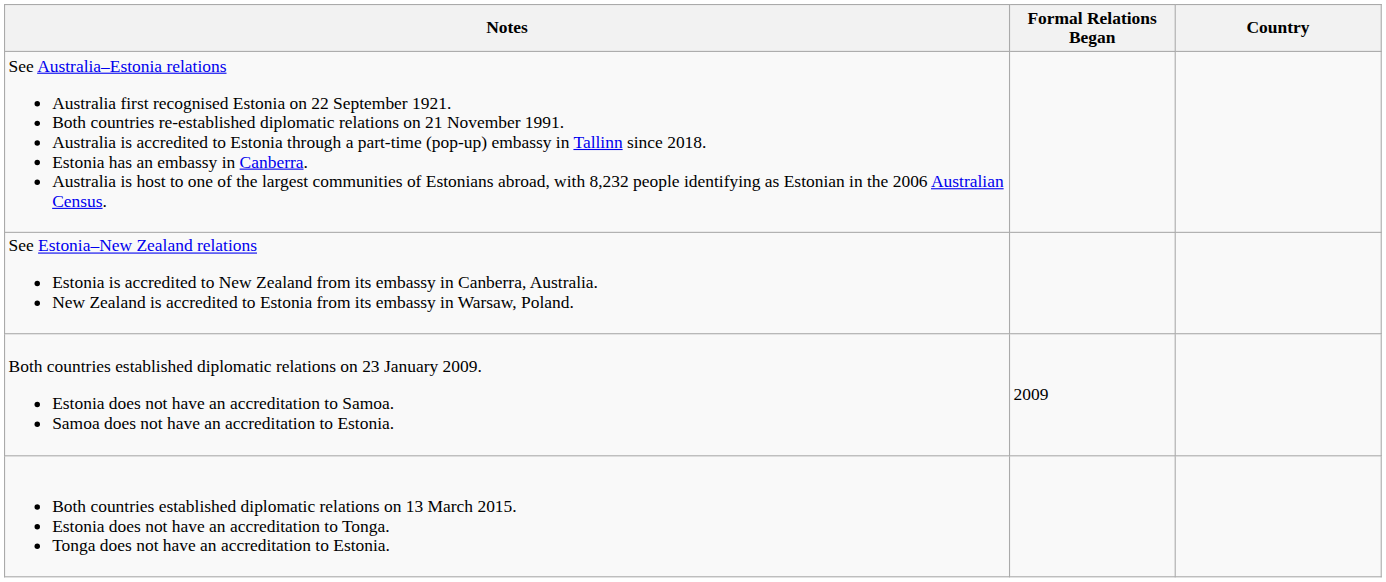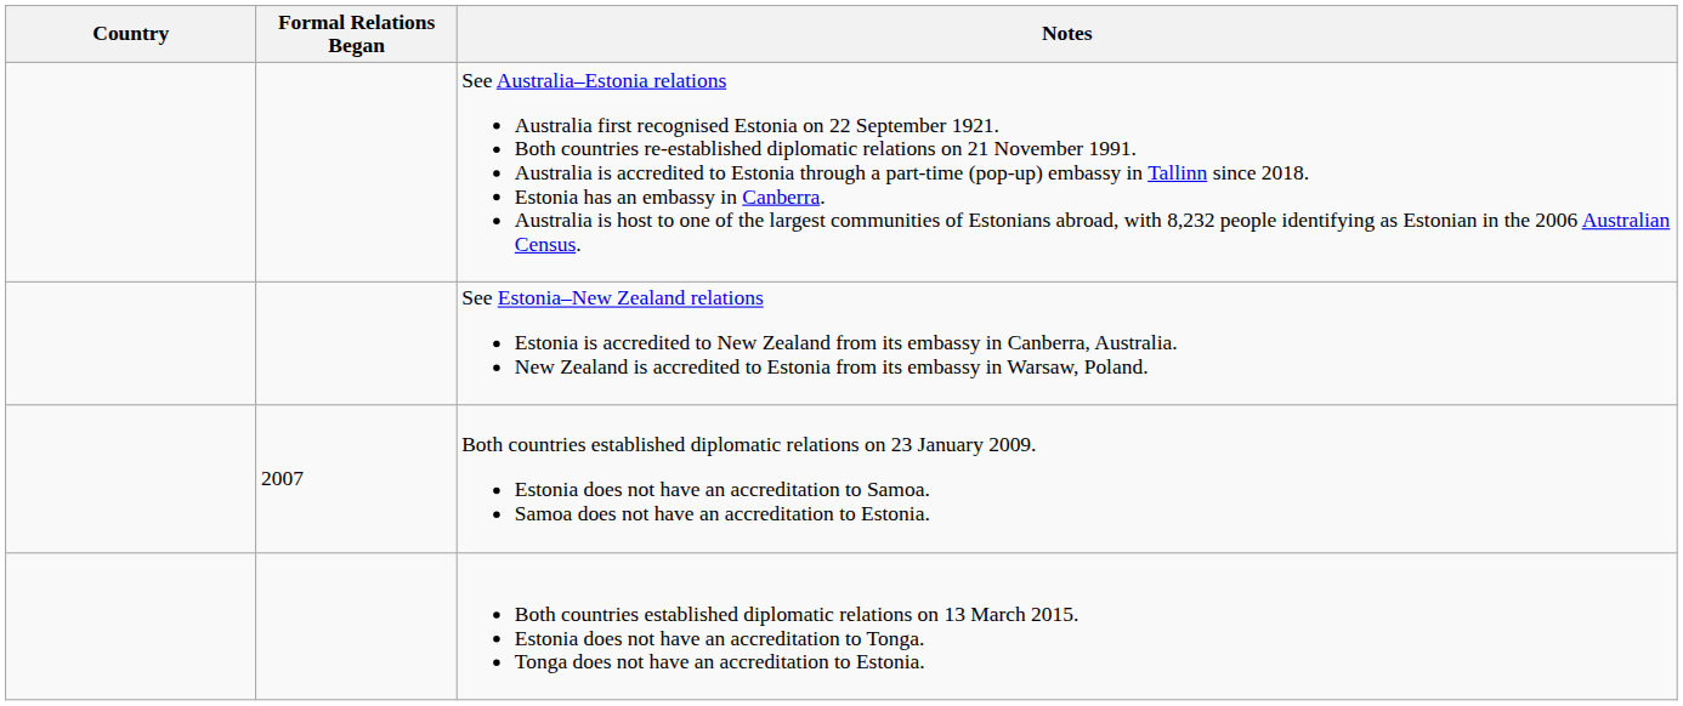 <table class="wikitable sortable" border="1" style="width:100%; margin:auto;">
 <tr>
+<th width="15%">Country</th>
+<th width="12%">Formal Relations Began</th>
 <th>Notes</th>
-<th width="12%">Formal Relations Began</th>
-<th width="15%">Country</th>
 </tr>
 <tr -valign="top">
+<td></td>
+<td> </td>
 <td>See <a href='#'>Australia–Estonia relations</a><br><ul><li>Australia first recognised Estonia on 22 September 1921.</li><li>Both countries re-established diplomatic relations on 21 November 1991.</li><li>Australia is accredited to Estonia through a part-time (pop-up) embassy in <a href='#'>Tallinn</a> since 2018.</li><li>Estonia has an embassy in <a href='#'>Canberra</a>.</li><li>Australia is host to one of the largest communities of Estonians abroad, with 8,232 people identifying as Estonian in the 2006 <a href='#'>Australian Census</a>.</li></ul></td>
-<td> </td>
-<td></td>
 </tr>
 <tr -valign="top">
+<td></td>
+<td> </td>
 <td>See <a href='#'>Estonia–New Zealand relations</a><br><ul><li>Estonia is accredited to New Zealand from its embassy in Canberra, Australia.</li><li>New Zealand is accredited to Estonia from its embassy in Warsaw, Poland.</li></ul></td>
-<td> </td>
-<td></td>
 </tr>
 <tr -valign="top">
+<td></td>
+<td>2007</td>
 <td><br>Both countries established diplomatic relations on 23 January 2009.<ul><li>Estonia does not have an accreditation to Samoa.</li><li>Samoa does not have an accreditation to Estonia.</li></ul></td>
-<td>2009</td>
-<td></td>
 </tr>
 <tr -valign="top">
+<td></td>
+<td> </td>
 <td><br><ul><li>Both countries established diplomatic relations on 13 March 2015.</li><li>Estonia does not have an accreditation to Tonga.</li><li>Tonga does not have an accreditation to Estonia.</li></ul></td>
-<td> </td>
-<td></td>
 </tr>
 </table>
